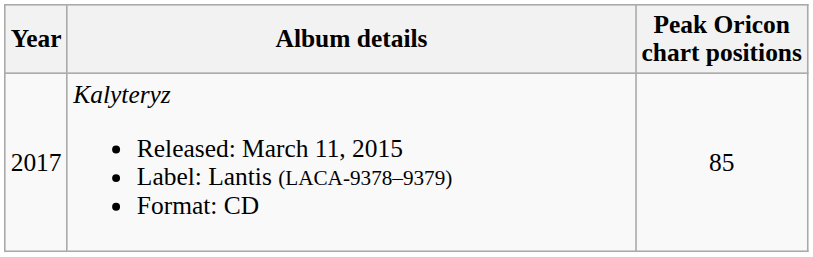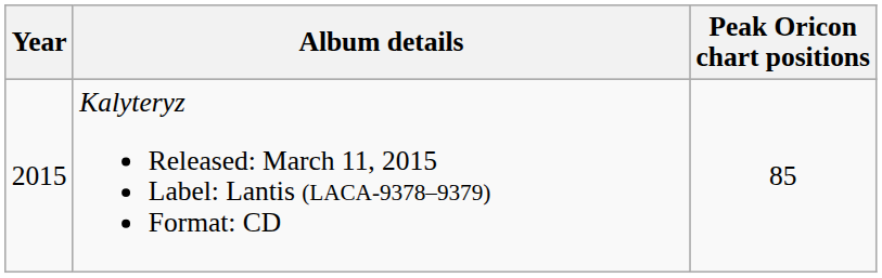 <table class="wikitable" border="1">
 <tr>
 <th rowspan="1">Year</th>
 <th rowspan="1" width="350">Album details</th>
 <th colspan="1">Peak Oricon<br> chart positions</th>
 </tr>
 <tr>
-<td>2017</td>
+<td>2015</td>
 <td align="left"><em>Kalyteryz</em><br><ul><li>Released: March 11, 2015</li><li>Label: Lantis <small>(LACA-9378–9379)</small></li><li>Format: CD</li></ul></td>
 <td align="center">85</td>
 </tr>
 </table>
